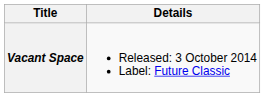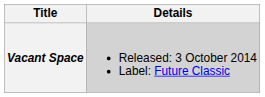 <table class="wikitable plainrowheaders">
 <tr>
 <th scope="col">Title</th>
 <th scope="col">Details</th>
 </tr>
 <tr>
 <th scope="row"><em>Vacant Space</em></th>
-<td><br><ul><li>Released: 3 October 2014</li><li>Label: <a href='#'>Future Classic</a></li></ul></td>
+<td style="background: lightgrey;"><br><ul><li>Released: 3 October 2014</li><li>Label: <a href='#'>Future Classic</a></li></ul></td>
 </tr>
 </table>
